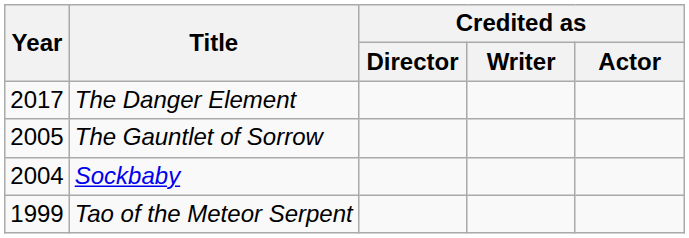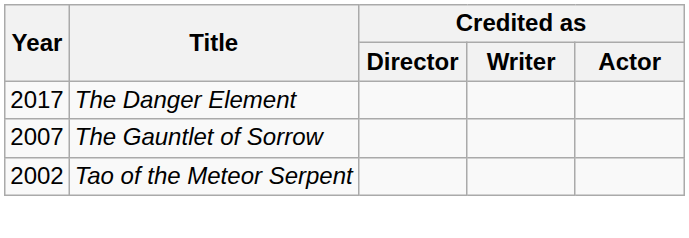 <table class="wikitable" style="text-align:center; margin-center:auto; margin-center:auto">
 <tr>
 <th rowspan="2">Year</th>
 <th rowspan="2">Title</th>
 <th colspan="3">Credited as</th>
 </tr>
 <tr>
 <th width=65>Director</th>
 <th width=65>Writer</th>
 <th width=65>Actor</th>
 </tr>
 <tr>
 <td>2017</td>
 <td style="text-align:left;"><em>The Danger Element</em></td>
 <td></td>
 <td></td>
 <td></td>
 </tr>
 <tr>
-<td>2005</td>
+<td>2007</td>
 <td style="text-align:left;"><em>The Gauntlet of Sorrow</em></td>
 <td></td>
 <td></td>
 <td></td>
 </tr>
 <tr>
-<td>2004</td>
-<td style="text-align:left;"><em><a href='#'>Sockbaby</a></em></td>
-<td></td>
-<td></td>
-<td></td>
-</tr>
-<tr>
-<td>1999</td>
+<td>2002</td>
 <td style="text-align:left;"><em>Tao of the Meteor Serpent</em></td>
 <td></td>
 <td></td>
 <td></td>
 </tr>
 </table>
